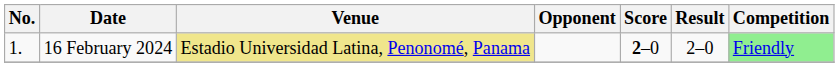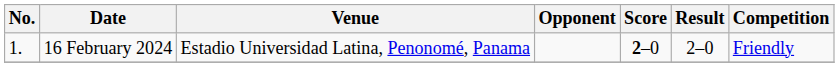 <table class="wikitable">
 <tr>
 <th>No.</th>
 <th>Date</th>
 <th>Venue</th>
 <th>Opponent</th>
 <th>Score</th>
 <th>Result</th>
 <th>Competition</th>
 </tr>
 <tr>
 <td>1.</td>
 <td>16 February 2024</td>
-<td style="background: khaki;">Estadio Universidad Latina, <a href='#'>Penonomé</a>, <a href='#'>Panama</a></td>
+<td>Estadio Universidad Latina, <a href='#'>Penonomé</a>, <a href='#'>Panama</a></td>
 <td></td>
 <td align=center><strong>2</strong>–0</td>
 <td align=center>2–0</td>
-<td style="background: lightgreen;"><a href='#'>Friendly</a></td>
+<td><a href='#'>Friendly</a></td>
 </tr>
 <tr>
 </tr>
 </table>
